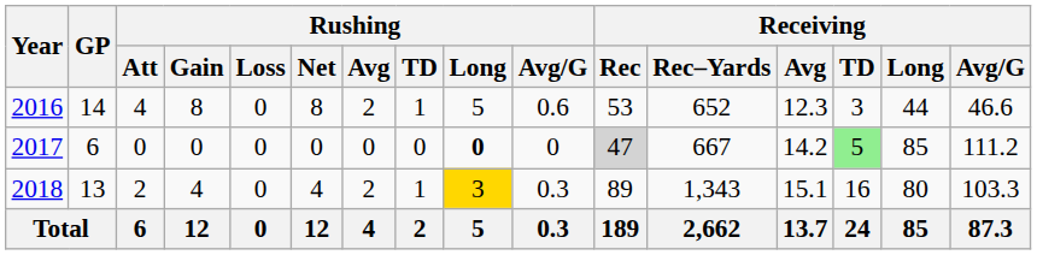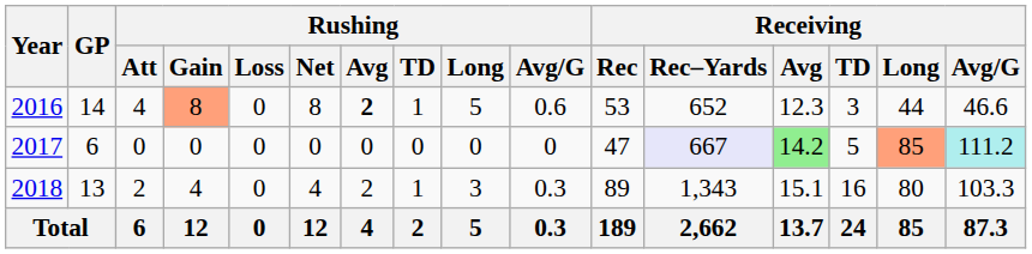 <table class=wikitable style="text-align:center;">
 <tr>
 <th rowspan=2>Year</th>
 <th rowspan=2>GP</th>
 <th colspan=8>Rushing</th>
 <th colspan=6>Receiving</th>
 </tr>
 <tr>
 <th>Att</th>
 <th>Gain</th>
 <th>Loss</th>
 <th>Net</th>
 <th>Avg</th>
 <th>TD</th>
 <th>Long</th>
 <th>Avg/G</th>
 <th>Rec</th>
 <th>Rec–Yards</th>
 <th>Avg</th>
 <th>TD</th>
 <th>Long</th>
 <th>Avg/G</th>
 </tr>
 <tr>
 <td><a href='#'>2016</a></td>
 <td>14</td>
 <td>4</td>
-<td>8</td>
+<td style="background: lightsalmon;">8</td>
 <td>0</td>
 <td>8</td>
-<td>2</td>
+<td><strong>2</strong></td>
 <td>1</td>
 <td>5</td>
 <td>0.6</td>
 <td>53</td>
 <td>652</td>
 <td>12.3</td>
 <td>3</td>
 <td>44</td>
 <td>46.6</td>
 </tr>
 <tr>
 <td><a href='#'>2017</a></td>
 <td>6</td>
 <td>0</td>
 <td>0</td>
 <td>0</td>
 <td>0</td>
 <td>0</td>
 <td>0</td>
-<td><strong>0</strong></td>
 <td>0</td>
-<td style="background: lightgrey;">47</td>
-<td>667</td>
-<td>14.2</td>
-<td style="background: lightgreen;">5</td>
-<td>85</td>
-<td>111.2</td>
+<td>0</td>
+<td>47</td>
+<td style="background: lavender;">667</td>
+<td style="background: lightgreen;">14.2</td>
+<td>5</td>
+<td style="background: lightsalmon;">85</td>
+<td style="background: paleturquoise;">111.2</td>
 </tr>
 <tr>
 <td><a href='#'>2018</a></td>
 <td>13</td>
 <td>2</td>
 <td>4</td>
 <td>0</td>
 <td>4</td>
 <td>2</td>
 <td>1</td>
-<td style="background: gold;">3</td>
+<td>3</td>
 <td>0.3</td>
 <td>89</td>
 <td>1,343</td>
 <td>15.1</td>
 <td>16</td>
 <td>80</td>
 <td>103.3</td>
 </tr>
 <tr>
 <th colspan=2>Total</th>
 <th>6</th>
 <th>12</th>
 <th>0</th>
 <th>12</th>
 <th>4</th>
 <th>2</th>
 <th>5</th>
 <th>0.3</th>
 <th>189</th>
 <th>2,662</th>
 <th>13.7</th>
 <th>24</th>
 <th>85</th>
 <th>87.3</th>
 </tr>
 </table>
